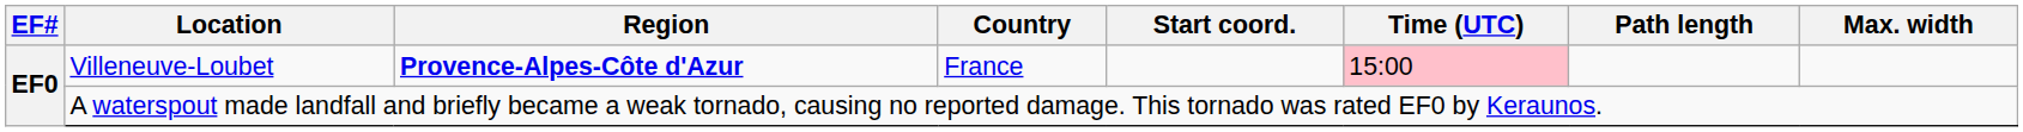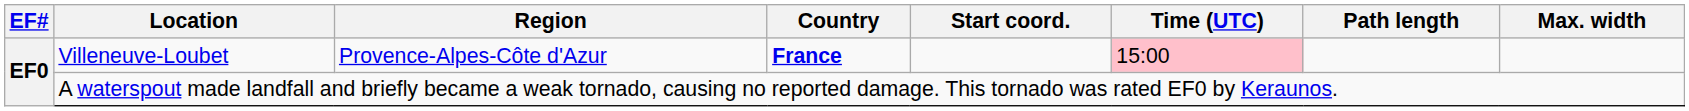 <table class="wikitable sortable" style="width:100%;">
 <tr>
 <th scope="col" width="2%" align="center"><a href='#'>EF#</a></th>
 <th scope="col" align="center" class="unsortable">Location</th>
 <th scope="col" align="center" class="unsortable">Region</th>
 <th scope="col" align="center">Country</th>
 <th scope="col" align="center">Start coord.</th>
 <th scope="col" align="center">Time (<a href='#'>UTC</a>)</th>
 <th scope="col" align="center">Path length</th>
 <th scope="col" align="center">Max. width</th>
 </tr>
 <tr>
 <th scope="row" rowspan="2" style="background-color:#">EF0</th>
 <td><a href='#'>Villeneuve-Loubet</a></td>
-<td><strong><a href='#'>Provence-Alpes-Côte d'Azur</a></strong></td>
-<td><a href='#'>France</a></td>
+<td><a href='#'>Provence-Alpes-Côte d'Azur</a></td>
+<td><strong><a href='#'>France</a></strong></td>
 <td></td>
 <td style="background: pink;">15:00</td>
 <td></td>
 <td></td>
 </tr>
 <tr class="expand-child">
 <td colspan="8" style=" border-bottom: 1px solid black;">A <a href='#'>waterspout</a> made landfall and briefly became a weak tornado, causing no reported damage. This tornado was rated EF0 by <a href='#'>Keraunos</a>.</td>
 </tr>
 </table>
